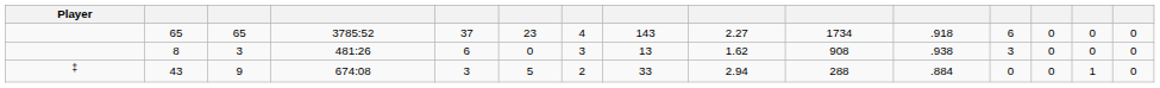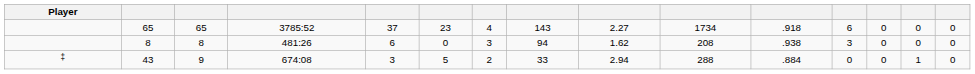 <table class="wikitable sortable" style="width:100%; text-align:center;">
 <tr style="text-align:center; background:#ddd;">
 <th>Player</th>
 <th></th>
 <th></th>
 <th></th>
 <th></th>
 <th></th>
 <th></th>
 <th></th>
 <th></th>
 <th></th>
 <th></th>
 <th></th>
 <th></th>
 <th></th>
 <th></th>
 </tr>
 <tr align=center>
 <td></td>
 <td>65</td>
 <td>65</td>
 <td>3785:52</td>
 <td>37</td>
 <td>23</td>
 <td>4</td>
 <td>143</td>
 <td>2.27</td>
 <td>1734</td>
 <td>.918</td>
 <td>6</td>
 <td>0</td>
 <td>0</td>
 <td>0</td>
 </tr>
 <tr align=center>
 <td></td>
 <td>8</td>
-<td>3</td>
+<td>8</td>
 <td>481:26</td>
 <td>6</td>
 <td>0</td>
 <td>3</td>
-<td>13</td>
+<td>94</td>
 <td>1.62</td>
-<td>908</td>
+<td>208</td>
 <td>.938</td>
 <td>3</td>
 <td>0</td>
 <td>0</td>
 <td>0</td>
 </tr>
 <tr align=center>
 <td><sup>‡</sup></td>
 <td>43</td>
 <td>9</td>
 <td>674:08</td>
 <td>3</td>
 <td>5</td>
 <td>2</td>
 <td>33</td>
 <td>2.94</td>
 <td>288</td>
 <td>.884</td>
 <td>0</td>
 <td>0</td>
 <td>1</td>
 <td>0</td>
 </tr>
 </table>
